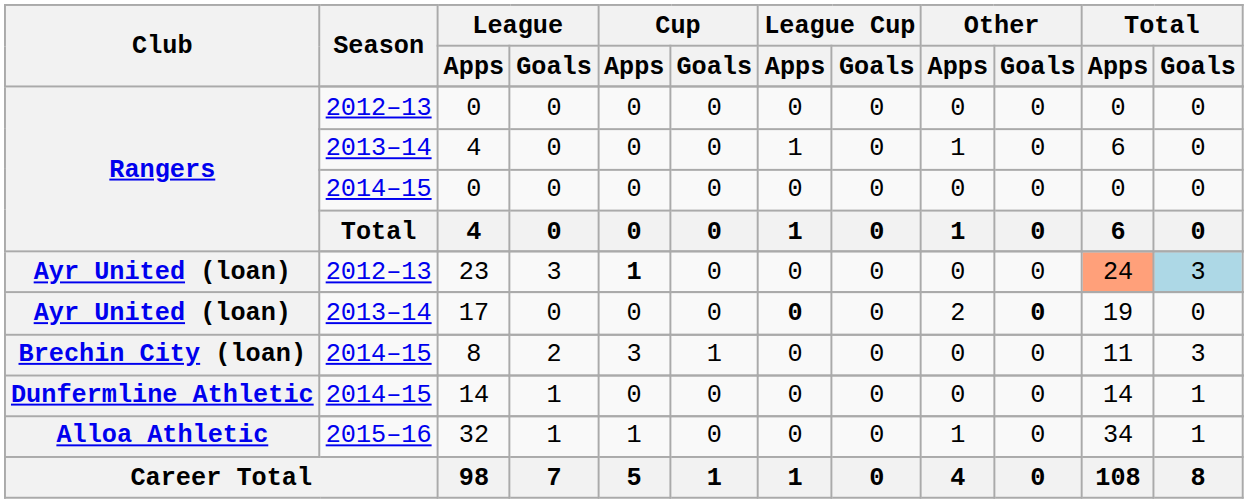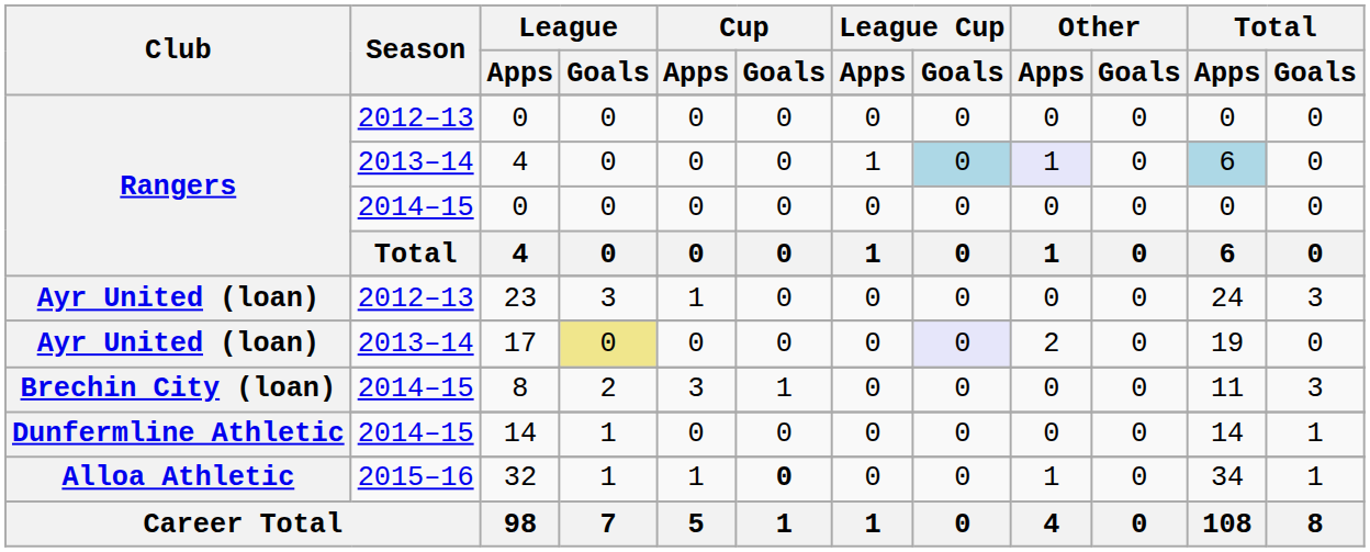 <table class="wikitable" border="1">
 <tr>
 <th rowspan=2>Club</th>
 <th rowspan=2>Season</th>
 <th colspan=2>League</th>
 <th colspan=2>Cup</th>
 <th colspan=2>League Cup</th>
 <th colspan=2>Other</th>
 <th colspan=2>Total</th>
 </tr>
 <tr>
 <th>Apps</th>
 <th>Goals</th>
 <th>Apps</th>
 <th>Goals</th>
 <th>Apps</th>
 <th>Goals</th>
 <th>Apps</th>
 <th>Goals</th>
 <th>Apps</th>
 <th>Goals</th>
 </tr>
 <tr align=center>
 <th rowspan=5><a href='#'>Rangers</a></th>
 </tr>
 <tr align=center>
 <td><a href='#'>2012–13</a></td>
 <td>0</td>
 <td>0</td>
 <td>0</td>
 <td>0</td>
 <td>0</td>
 <td>0</td>
 <td>0</td>
 <td>0</td>
 <td>0</td>
 <td>0</td>
 </tr>
 <tr align=center>
 <td><a href='#'>2013–14</a></td>
 <td>4</td>
 <td>0</td>
 <td>0</td>
 <td>0</td>
 <td>1</td>
+<td style="background: lightblue;">0</td>
+<td style="background: lavender;">1</td>
 <td>0</td>
-<td>1</td>
-<td>0</td>
-<td>6</td>
+<td style="background: lightblue;">6</td>
 <td>0</td>
 </tr>
 <tr align=center>
 <td><a href='#'>2014–15</a></td>
 <td>0</td>
 <td>0</td>
 <td>0</td>
 <td>0</td>
 <td>0</td>
 <td>0</td>
 <td>0</td>
 <td>0</td>
 <td>0</td>
 <td>0</td>
 </tr>
 <tr align=center>
 <th>Total</th>
 <th>4</th>
 <th>0</th>
 <th>0</th>
 <th>0</th>
 <th>1</th>
 <th>0</th>
 <th>1</th>
 <th>0</th>
 <th>6</th>
 <th>0</th>
 </tr>
 <tr align=center>
 <th rowspan=2><a href='#'>Ayr United</a> (loan)</th>
 </tr>
 <tr align=center>
 <td><a href='#'>2012–13</a></td>
 <td>23</td>
 <td>3</td>
-<td><strong>1</strong></td>
+<td>1</td>
 <td>0</td>
 <td>0</td>
 <td>0</td>
 <td>0</td>
 <td>0</td>
-<td style="background: lightsalmon;">24</td>
-<td style="background: lightblue;">3</td>
+<td>24</td>
+<td>3</td>
 </tr>
 <tr align=center>
 <th rowspan=2><a href='#'>Ayr United</a> (loan)</th>
 </tr>
 <tr align=center>
 <td><a href='#'>2013–14</a></td>
 <td>17</td>
+<td style="background: khaki;">0</td>
 <td>0</td>
 <td>0</td>
 <td>0</td>
-<td><strong>0</strong></td>
+<td style="background: lavender;">0</td>
+<td>2</td>
 <td>0</td>
-<td>2</td>
-<td><strong>0</strong></td>
 <td>19</td>
 <td>0</td>
 </tr>
 <tr align=center>
 <th rowspan=2><a href='#'>Brechin City</a> (loan)</th>
 </tr>
 <tr align=center>
 <td><a href='#'>2014–15</a></td>
 <td>8</td>
 <td>2</td>
 <td>3</td>
 <td>1</td>
 <td>0</td>
 <td>0</td>
 <td>0</td>
 <td>0</td>
 <td>11</td>
 <td>3</td>
 </tr>
 <tr align=center>
 <th rowspan=2><a href='#'>Dunfermline Athletic</a></th>
 </tr>
 <tr align=center>
 <td><a href='#'>2014–15</a></td>
 <td>14</td>
 <td>1</td>
 <td>0</td>
 <td>0</td>
 <td>0</td>
 <td>0</td>
 <td>0</td>
 <td>0</td>
 <td>14</td>
 <td>1</td>
 </tr>
 <tr align=center>
 <th rowspan=2><a href='#'>Alloa Athletic</a></th>
 </tr>
 <tr align=center>
 <td><a href='#'>2015–16</a></td>
 <td>32</td>
 <td>1</td>
 <td>1</td>
-<td>0</td>
+<td><strong>0</strong></td>
 <td>0</td>
 <td>0</td>
 <td>1</td>
 <td>0</td>
 <td>34</td>
 <td>1</td>
 </tr>
 <tr align=center>
 <th colspan="2">Career Total</th>
 <th>98</th>
 <th>7</th>
 <th>5</th>
 <th>1</th>
 <th>1</th>
 <th>0</th>
 <th>4</th>
 <th>0</th>
 <th>108</th>
 <th>8</th>
 </tr>
 </table>
